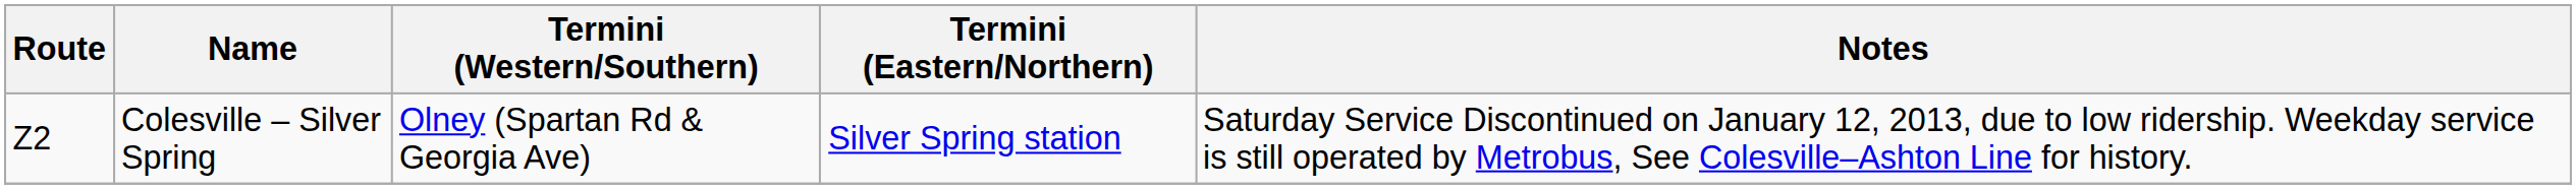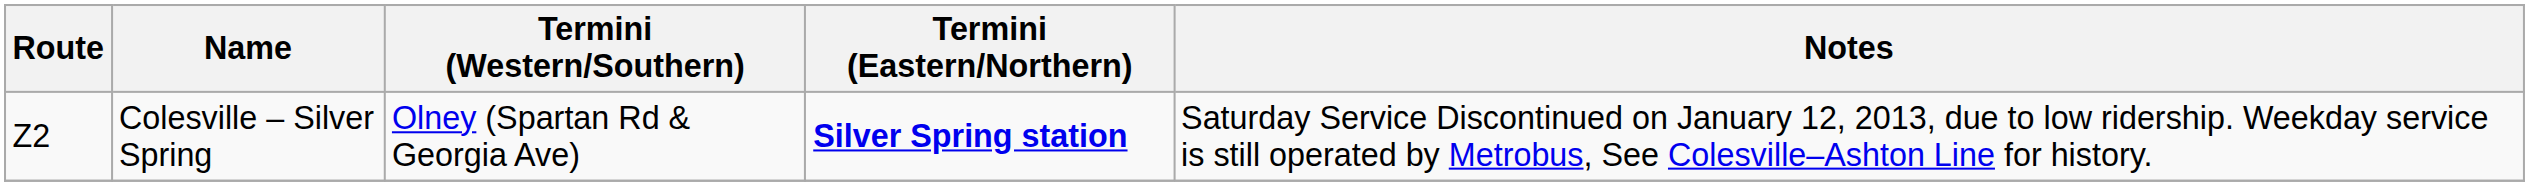 <table class="wikitable sortable" border="1">
 <tr>
 <th scope="col">Route</th>
 <th scope="col">Name</th>
 <th scope="col">Termini (Western/Southern)</th>
 <th scope="col">Termini (Eastern/Northern)</th>
 <th scope="col" class="unsortable">Notes</th>
 </tr>
 <tr>
 <td>Z2</td>
 <td>Colesville – Silver Spring</td>
 <td><a href='#'>Olney</a> (Spartan Rd & Georgia Ave)</td>
-<td><a href='#'>Silver Spring station</a></td>
+<td><strong><a href='#'>Silver Spring station</a></strong></td>
 <td>Saturday Service Discontinued on January 12, 2013, due to low ridership. Weekday service is still operated by <a href='#'>Metrobus</a>, See <a href='#'>Colesville–Ashton Line</a> for history.</td>
 </tr>
 <tr>
 </tr>
 </table>
